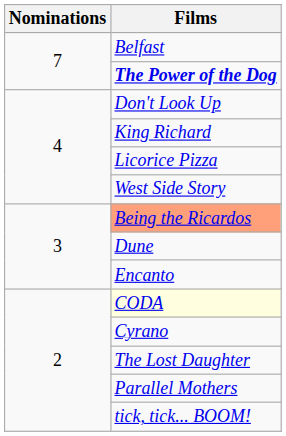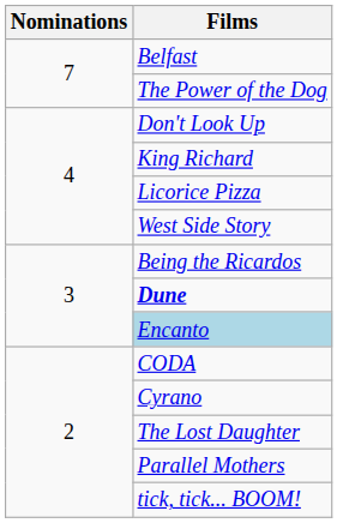 <table class="wikitable">
 <tr>
 <th>Nominations</th>
 <th>Films</th>
 </tr>
 <tr>
 <td rowspan="2" style="text-align:center">7</td>
 <td><em><a href='#'>Belfast</a></em></td>
 </tr>
 <tr>
-<td><strong><em><a href='#'>The Power of the Dog</a></em></strong></td>
+<td><em><a href='#'>The Power of the Dog</a></em></td>
 </tr>
 <tr>
 <td rowspan="4" style="text-align:center">4</td>
 <td><em><a href='#'>Don't Look Up</a></em></td>
 </tr>
 <tr>
 <td><em><a href='#'>King Richard</a></em></td>
 </tr>
 <tr>
 <td><em><a href='#'>Licorice Pizza</a></em></td>
 </tr>
 <tr>
 <td><em><a href='#'>West Side Story</a></em></td>
 </tr>
 <tr>
 <td rowspan="3" style="text-align:center">3</td>
-<td style="background: lightsalmon;"><em><a href='#'>Being the Ricardos</a></em></td>
+<td><em><a href='#'>Being the Ricardos</a></em></td>
 </tr>
 <tr>
-<td><em><a href='#'>Dune</a></em></td>
+<td><strong><em><a href='#'>Dune</a></em></strong></td>
 </tr>
 <tr>
-<td><em><a href='#'>Encanto</a></em></td>
+<td style="background: lightblue;"><em><a href='#'>Encanto</a></em></td>
 </tr>
 <tr>
 <td rowspan="5" style="text-align:center">2</td>
-<td style="background: lightyellow;"><em><a href='#'>CODA</a></em></td>
+<td><em><a href='#'>CODA</a></em></td>
 </tr>
 <tr>
 <td><em><a href='#'>Cyrano</a></em></td>
 </tr>
 <tr>
 <td><em><a href='#'>The Lost Daughter</a></em></td>
 </tr>
 <tr>
 <td><em><a href='#'>Parallel Mothers</a></em></td>
 </tr>
 <tr>
 <td><em><a href='#'>tick, tick... BOOM!</a></em></td>
 </tr>
 </table>
